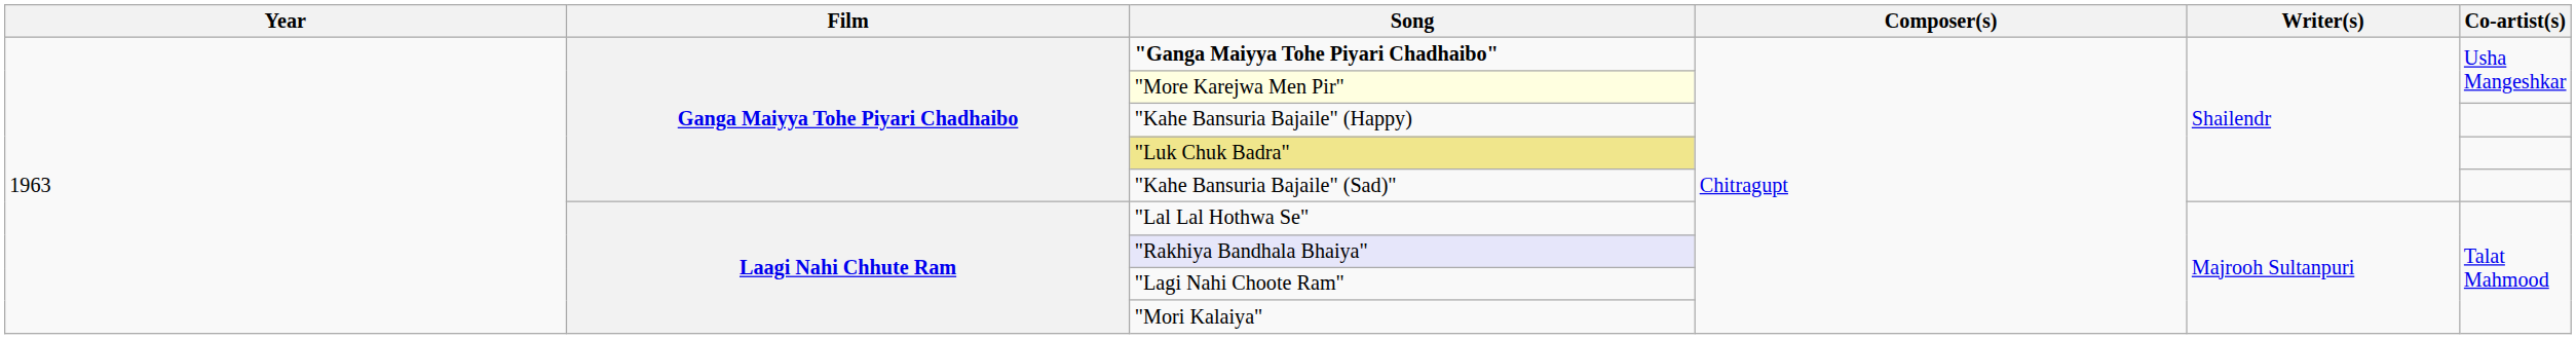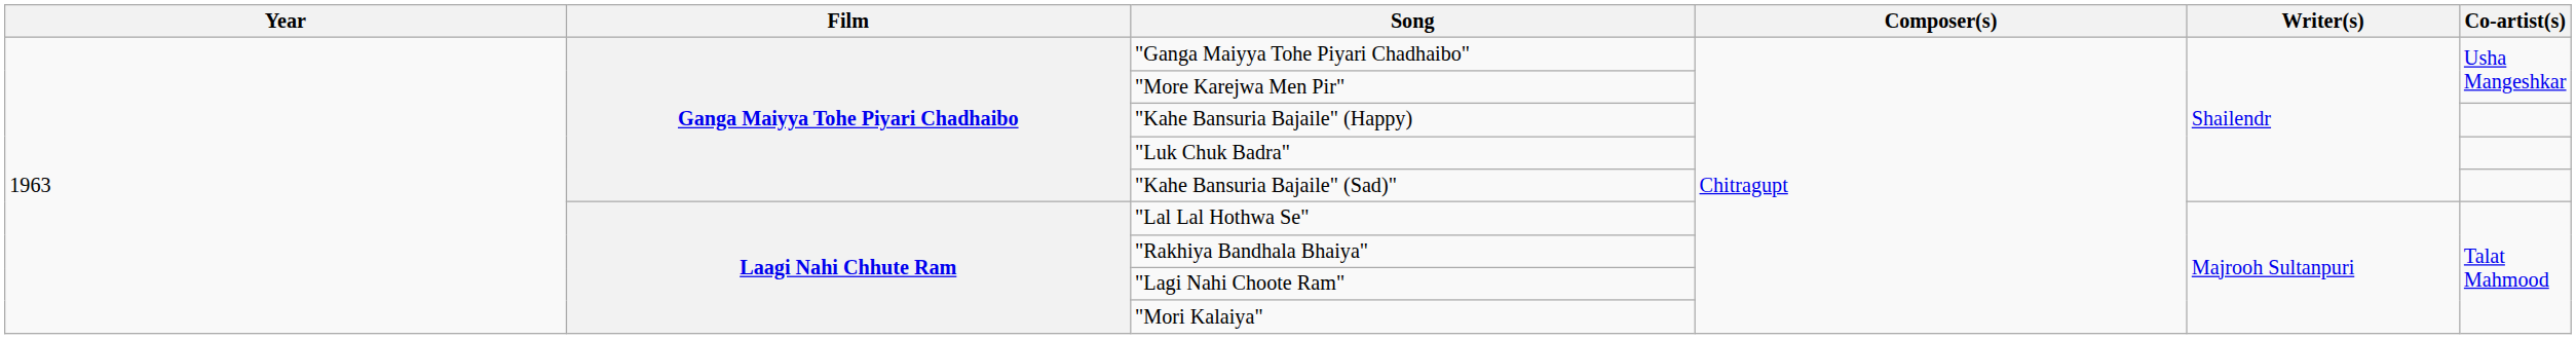 <table class="wikitable plainrowheaders" style="width:100%; textcolor:#000">
 <tr style="background:#b0e0e66;">
 <th scope="col" style="width:23%;"><strong>Year</strong></th>
 <th scope="col" style="width:23%;"><strong>Film</strong></th>
 <th scope="col" style="width:23%;"><strong>Song</strong></th>
 <th scope="col" style="width:20%;"><strong>Composer(s)</strong></th>
 <th scope="col" style="width:16%;"><strong>Writer(s)</strong></th>
 <th scope="col" style="width:18%;"><strong>Co-artist(s)</strong></th>
 </tr>
 <tr>
 <td rowspan="9">1963</td>
 <th rowspan="5"><a href='#'>Ganga Maiyya Tohe Piyari Chadhaibo</a></th>
-<td><strong>"Ganga Maiyya Tohe Piyari Chadhaibo"</strong></td>
+<td>"Ganga Maiyya Tohe Piyari Chadhaibo"</td>
 <td rowspan="9"><a href='#'>Chitragupt</a></td>
 <td rowspan="5"><a href='#'>Shailendr</a></td>
 <td rowspan="2"><a href='#'>Usha Mangeshkar</a></td>
 </tr>
 <tr>
-<td style="background: lightyellow;">"More Karejwa Men Pir"</td>
+<td>"More Karejwa Men Pir"</td>
 </tr>
 <tr>
 <td>"Kahe Bansuria Bajaile" (Happy)</td>
 </tr>
 <tr>
-<td style="background: khaki;">"Luk Chuk Badra"</td>
+<td>"Luk Chuk Badra"</td>
 <td></td>
 </tr>
 <tr>
 <td>"Kahe Bansuria Bajaile" (Sad)"</td>
 <td></td>
 </tr>
 <tr>
 <th rowspan="4"><a href='#'>Laagi Nahi Chhute Ram</a></th>
 <td>"Lal Lal Hothwa Se"</td>
 <td rowspan="4"><a href='#'>Majrooh Sultanpuri</a></td>
 <td rowspan="4"><a href='#'>Talat Mahmood</a></td>
 </tr>
 <tr>
-<td style="background: lavender;">"Rakhiya Bandhala Bhaiya"</td>
+<td>"Rakhiya Bandhala Bhaiya"</td>
 </tr>
 <tr>
 <td>"Lagi Nahi Choote Ram"</td>
 </tr>
 <tr>
 <td>"Mori Kalaiya"</td>
 </tr>
 </table>
